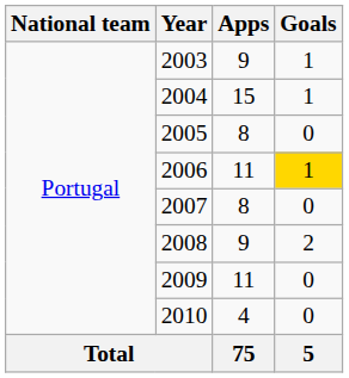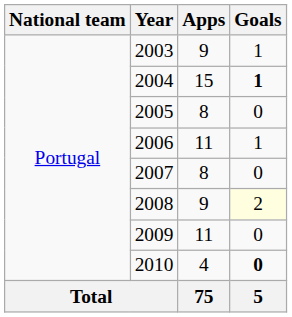 <table class="wikitable" style="text-align:center">
 <tr>
 <th>National team</th>
 <th>Year</th>
 <th>Apps</th>
 <th>Goals</th>
 </tr>
 <tr>
 <td rowspan="8"><a href='#'>Portugal</a></td>
 <td>2003</td>
 <td>9</td>
 <td>1</td>
 </tr>
 <tr>
 <td>2004</td>
 <td>15</td>
-<td>1</td>
+<td><strong>1</strong></td>
 </tr>
 <tr>
 <td>2005</td>
 <td>8</td>
 <td>0</td>
 </tr>
 <tr>
 <td>2006</td>
 <td>11</td>
-<td style="background: gold;">1</td>
+<td>1</td>
 </tr>
 <tr>
 <td>2007</td>
 <td>8</td>
 <td>0</td>
 </tr>
 <tr>
 <td>2008</td>
 <td>9</td>
-<td>2</td>
+<td style="background: lightyellow;">2</td>
 </tr>
 <tr>
 <td>2009</td>
 <td>11</td>
 <td>0</td>
 </tr>
 <tr>
 <td>2010</td>
 <td>4</td>
-<td>0</td>
+<td><strong>0</strong></td>
 </tr>
 <tr>
 <th colspan="2">Total</th>
 <th>75</th>
 <th>5</th>
 </tr>
 </table>
